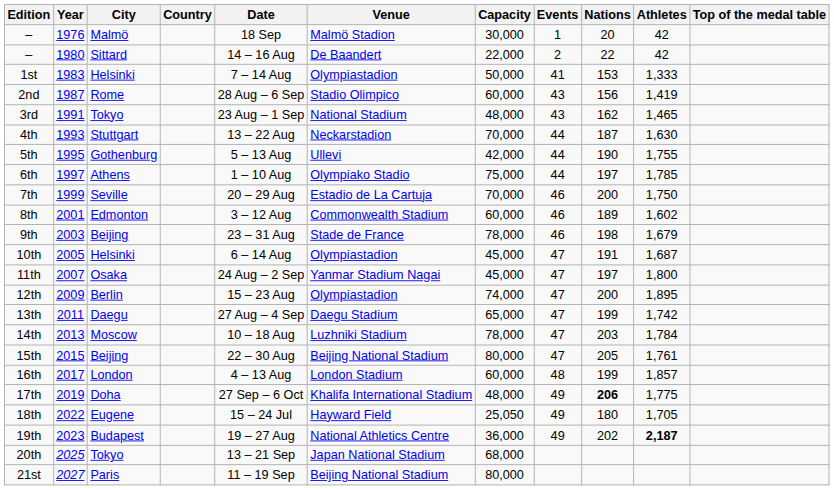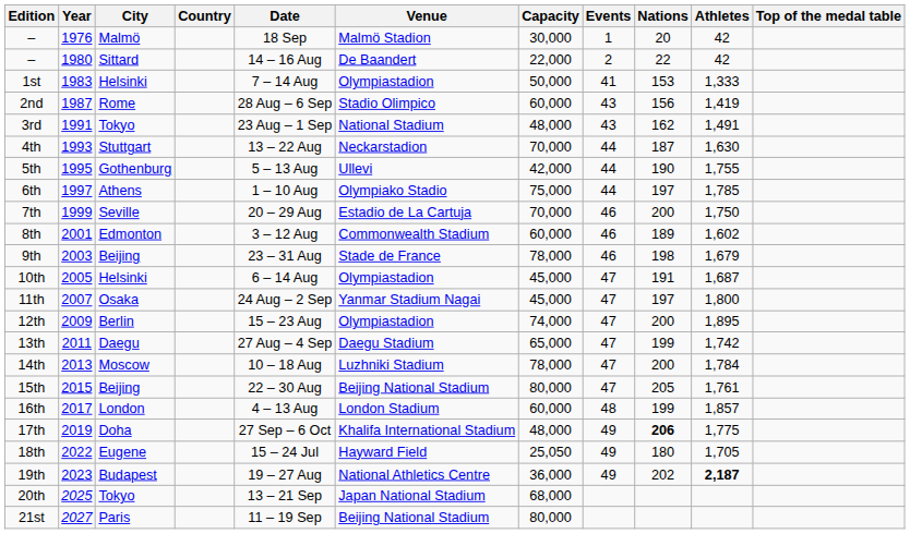 <table class="wikitable sortable" style="text-align:center; font-size:90%;">
 <tr>
 <th>Edition</th>
 <th>Year</th>
 <th>City</th>
 <th>Country</th>
 <th>Date</th>
 <th>Venue</th>
 <th>Capacity</th>
 <th>Events</th>
 <th>Nations</th>
 <th>Athletes</th>
 <th>Top of the medal table</th>
 </tr>
 <tr>
 <td>–</td>
 <td><a href='#'>1976</a></td>
 <td align=left><a href='#'>Malmö</a></td>
 <td align=left></td>
 <td>18 Sep</td>
 <td align=left><a href='#'>Malmö Stadion</a></td>
 <td>30,000</td>
 <td>1</td>
 <td>20</td>
 <td>42</td>
 <td align=left></td>
 </tr>
 <tr>
 <td>–</td>
 <td><a href='#'>1980</a></td>
 <td align=left><a href='#'>Sittard</a></td>
 <td align=left></td>
 <td>14 – 16 Aug</td>
 <td align=left><a href='#'>De Baandert</a></td>
 <td>22,000</td>
 <td>2</td>
 <td>22</td>
 <td>42</td>
 <td align=left></td>
 </tr>
 <tr>
 <td>1st</td>
 <td><a href='#'>1983</a></td>
 <td align=left><a href='#'>Helsinki</a></td>
 <td align=left></td>
 <td>7 – 14 Aug</td>
 <td align=left><a href='#'>Olympiastadion</a></td>
 <td>50,000</td>
 <td>41</td>
 <td>153</td>
 <td>1,333</td>
 <td align=left></td>
 </tr>
 <tr>
 <td>2nd</td>
 <td><a href='#'>1987</a></td>
 <td align=left><a href='#'>Rome</a></td>
 <td align=left></td>
 <td>28 Aug – 6 Sep</td>
 <td align=left><a href='#'>Stadio Olimpico</a></td>
 <td>60,000</td>
 <td>43</td>
 <td>156</td>
 <td>1,419</td>
 <td align=left></td>
 </tr>
 <tr>
 <td>3rd</td>
 <td><a href='#'>1991</a></td>
 <td align=left><a href='#'>Tokyo</a></td>
 <td align=left></td>
 <td>23 Aug – 1 Sep</td>
 <td align=left><a href='#'>National Stadium</a></td>
 <td>48,000</td>
 <td>43</td>
 <td>162</td>
-<td>1,465</td>
+<td>1,491</td>
 <td align=left></td>
 </tr>
 <tr>
 <td>4th</td>
 <td><a href='#'>1993</a></td>
 <td align=left><a href='#'>Stuttgart</a></td>
 <td align=left></td>
 <td>13 – 22 Aug</td>
 <td align=left><a href='#'>Neckarstadion</a></td>
 <td>70,000</td>
 <td>44</td>
 <td>187</td>
 <td>1,630</td>
 <td align=left></td>
 </tr>
 <tr>
 <td>5th</td>
 <td><a href='#'>1995</a></td>
 <td align=left><a href='#'>Gothenburg</a></td>
 <td align=left></td>
 <td>5 – 13 Aug</td>
 <td align=left><a href='#'>Ullevi</a></td>
 <td>42,000</td>
 <td>44</td>
 <td>190</td>
 <td>1,755</td>
 <td align=left></td>
 </tr>
 <tr>
 <td>6th</td>
 <td><a href='#'>1997</a></td>
 <td align=left><a href='#'>Athens</a></td>
 <td align=left></td>
 <td>1 – 10 Aug</td>
 <td align=left><a href='#'>Olympiako Stadio</a></td>
 <td>75,000</td>
 <td>44</td>
 <td>197</td>
 <td>1,785</td>
 <td align=left></td>
 </tr>
 <tr>
 <td>7th</td>
 <td><a href='#'>1999</a></td>
 <td align=left><a href='#'>Seville</a></td>
 <td align=left></td>
 <td>20 – 29 Aug</td>
 <td align=left><a href='#'>Estadio de La Cartuja</a></td>
 <td>70,000</td>
 <td>46</td>
 <td>200</td>
 <td>1,750</td>
 <td align=left></td>
 </tr>
 <tr>
 <td>8th</td>
 <td><a href='#'>2001</a></td>
 <td align=left><a href='#'>Edmonton</a></td>
 <td align=left></td>
 <td>3 – 12 Aug</td>
 <td align=left><a href='#'>Commonwealth Stadium</a></td>
 <td>60,000</td>
 <td>46</td>
 <td>189</td>
 <td>1,602</td>
 <td align=left></td>
 </tr>
 <tr>
 <td>9th</td>
 <td><a href='#'>2003</a></td>
 <td align=left><a href='#'>Beijing</a></td>
 <td align=left></td>
 <td>23 – 31 Aug</td>
 <td align=left><a href='#'>Stade de France</a></td>
 <td>78,000</td>
 <td>46</td>
 <td>198</td>
 <td>1,679</td>
 <td align=left></td>
 </tr>
 <tr>
 <td>10th</td>
 <td><a href='#'>2005</a></td>
 <td align=left><a href='#'>Helsinki</a></td>
 <td align=left></td>
 <td>6 – 14 Aug</td>
 <td align=left><a href='#'>Olympiastadion</a></td>
 <td>45,000</td>
 <td>47</td>
 <td>191</td>
 <td>1,687</td>
 <td align=left></td>
 </tr>
 <tr>
 <td>11th</td>
 <td><a href='#'>2007</a></td>
 <td align=left><a href='#'>Osaka</a></td>
 <td align=left></td>
 <td>24 Aug – 2 Sep</td>
 <td align=left><a href='#'>Yanmar Stadium Nagai</a></td>
 <td>45,000</td>
 <td>47</td>
 <td>197</td>
 <td>1,800</td>
 <td align=left></td>
 </tr>
 <tr>
 <td>12th</td>
 <td><a href='#'>2009</a></td>
 <td align=left><a href='#'>Berlin</a></td>
 <td align=left></td>
 <td>15 – 23 Aug</td>
 <td align=left><a href='#'>Olympiastadion</a></td>
 <td>74,000</td>
 <td>47</td>
 <td>200</td>
 <td>1,895</td>
 <td align=left></td>
 </tr>
 <tr>
 <td>13th</td>
 <td><a href='#'>2011</a></td>
 <td align=left><a href='#'>Daegu</a></td>
 <td align=left></td>
 <td>27 Aug – 4 Sep</td>
 <td align=left><a href='#'>Daegu Stadium</a></td>
 <td>65,000</td>
 <td>47</td>
 <td>199</td>
 <td>1,742</td>
 <td align=left></td>
 </tr>
 <tr>
 <td>14th</td>
 <td><a href='#'>2013</a></td>
 <td align=left><a href='#'>Moscow</a></td>
 <td align=left></td>
 <td>10 – 18 Aug</td>
 <td align=left><a href='#'>Luzhniki Stadium</a></td>
 <td>78,000</td>
 <td>47</td>
-<td>203</td>
+<td>200</td>
 <td>1,784</td>
 <td align=left></td>
 </tr>
 <tr>
 <td>15th</td>
 <td><a href='#'>2015</a></td>
 <td align=left><a href='#'>Beijing</a></td>
 <td align=left></td>
 <td>22 – 30 Aug</td>
 <td align=left><a href='#'>Beijing National Stadium</a></td>
 <td>80,000</td>
 <td>47</td>
 <td>205</td>
 <td>1,761</td>
 <td align=left></td>
 </tr>
 <tr>
 <td>16th</td>
 <td><a href='#'>2017</a></td>
 <td align=left><a href='#'>London</a></td>
 <td align=left></td>
 <td>4 – 13 Aug</td>
 <td align=left><a href='#'>London Stadium</a></td>
 <td>60,000</td>
 <td>48</td>
 <td>199</td>
 <td>1,857</td>
 <td align=left></td>
 </tr>
 <tr>
 <td>17th</td>
 <td><a href='#'>2019</a></td>
 <td align=left><a href='#'>Doha</a></td>
 <td align=left></td>
 <td>27 Sep – 6 Oct</td>
 <td align=left><a href='#'>Khalifa International Stadium</a></td>
 <td>48,000</td>
 <td>49</td>
 <td><strong>206</strong></td>
 <td>1,775</td>
 <td align=left></td>
 </tr>
 <tr>
 <td>18th</td>
 <td><a href='#'>2022</a></td>
 <td align=left><a href='#'>Eugene</a></td>
 <td align=left></td>
 <td>15 – 24 Jul</td>
 <td align=left><a href='#'>Hayward Field</a></td>
 <td>25,050</td>
 <td>49</td>
 <td>180</td>
 <td>1,705</td>
 <td align=left></td>
 </tr>
 <tr>
 <td>19th</td>
 <td><a href='#'>2023</a></td>
 <td align=left><a href='#'>Budapest</a></td>
 <td align=left></td>
 <td>19 – 27 Aug</td>
 <td align=left><a href='#'>National Athletics Centre</a></td>
 <td>36,000</td>
 <td>49</td>
 <td>202</td>
 <td><strong>2,187</strong></td>
 <td align=left></td>
 </tr>
 <tr>
 <td>20th</td>
 <td><em><a href='#'>2025</a></em></td>
 <td align=left><a href='#'>Tokyo</a></td>
 <td align=left></td>
 <td>13 – 21 Sep</td>
 <td align=left><a href='#'>Japan National Stadium</a></td>
 <td>68,000</td>
 <td></td>
 <td></td>
 <td></td>
 <td></td>
 </tr>
 <tr>
 <td>21st</td>
 <td><em><a href='#'>2027</a></em></td>
 <td align=left><a href='#'>Paris</a></td>
 <td align=left></td>
 <td>11 – 19 Sep</td>
 <td align=left><a href='#'>Beijing National Stadium</a></td>
 <td>80,000</td>
 <td></td>
 <td></td>
 <td></td>
 <td></td>
 </tr>
 </table>
